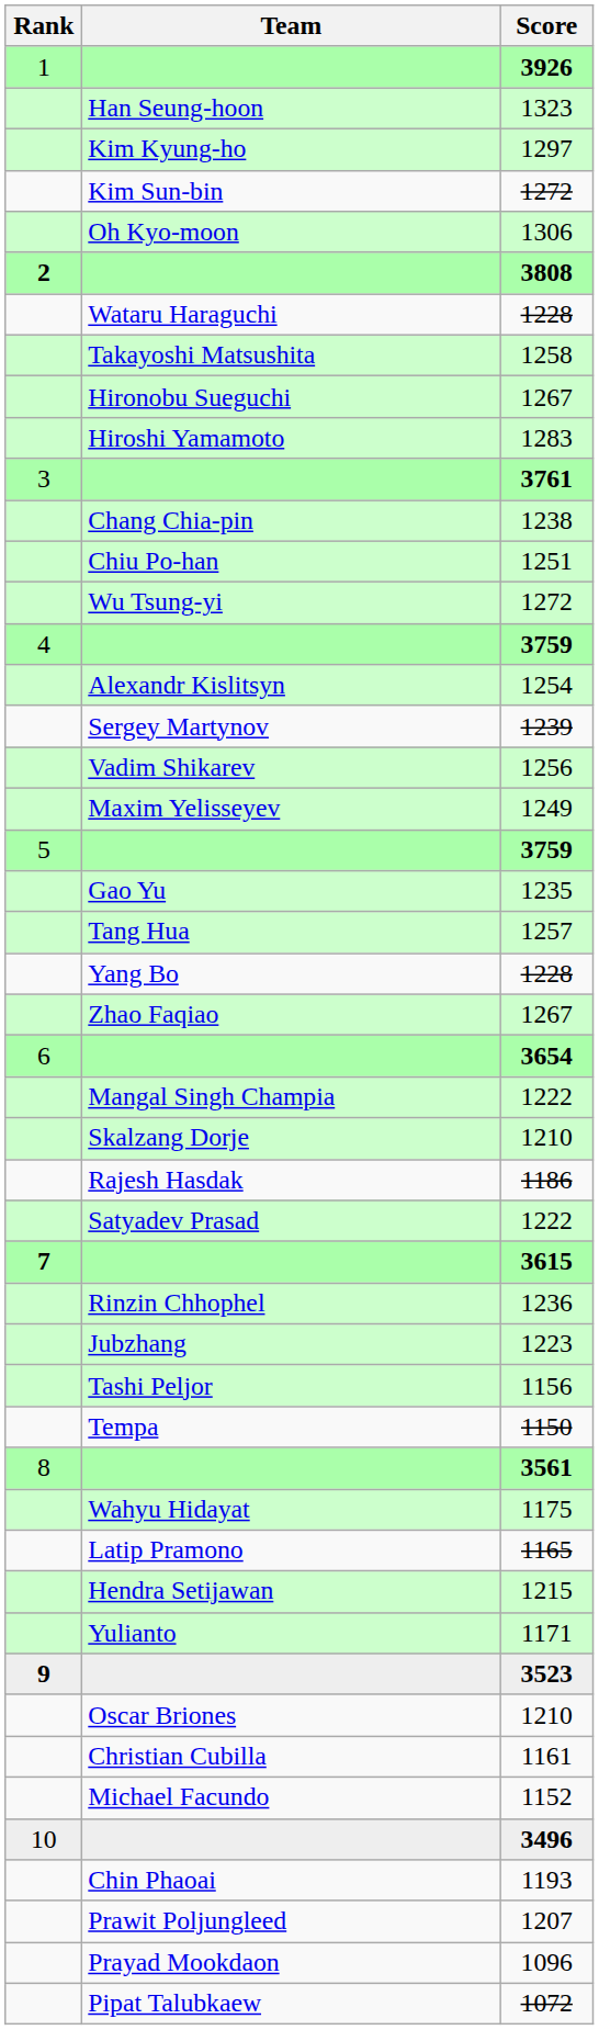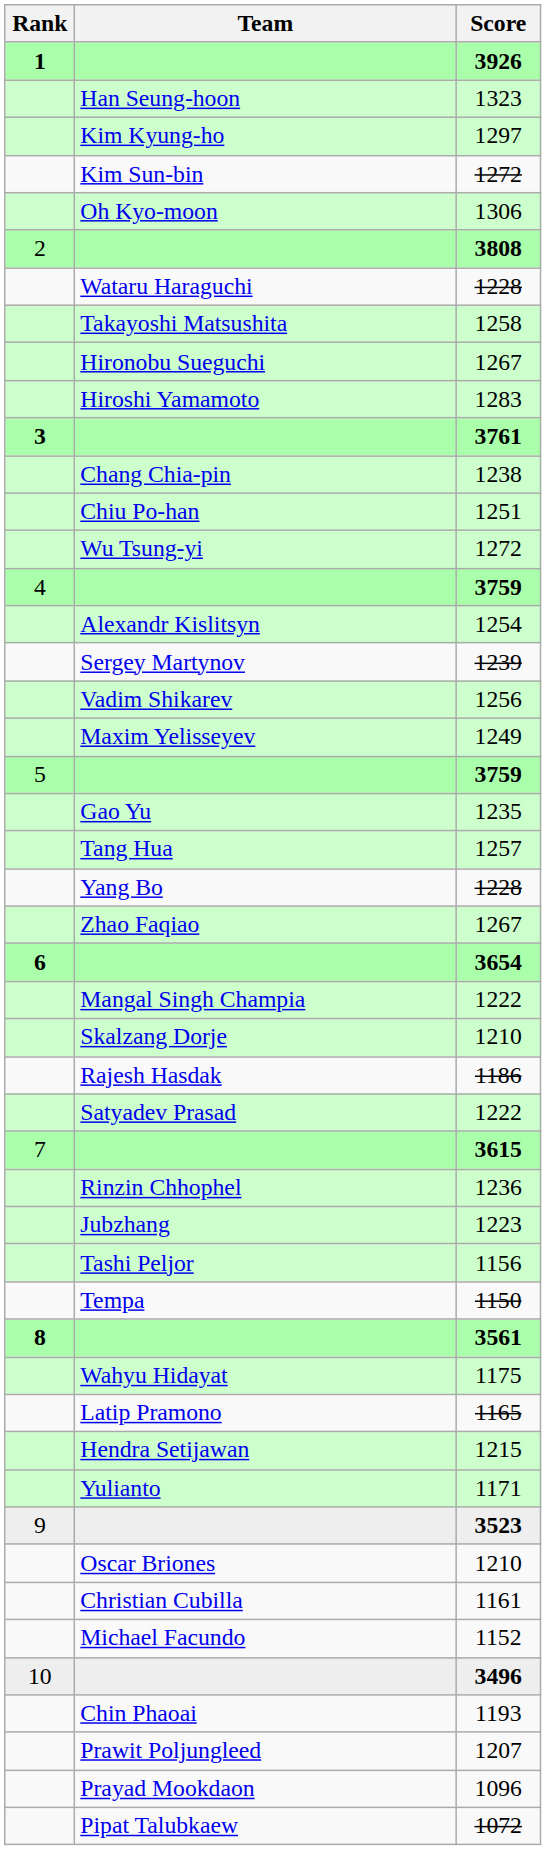 <table class="wikitable" style="text-align:center">
 <tr>
 <th width=40>Rank</th>
 <th width=250>Team</th>
 <th width=50>Score</th>
 </tr>
 <tr bgcolor="aaffaa">
-<td>1</td>
+<td><strong>1</strong></td>
 <td align=left></td>
 <td><strong>3926</strong></td>
 </tr>
 <tr bgcolor="ccffcc">
 <td></td>
 <td align=left><a href='#'>Han Seung-hoon</a></td>
 <td>1323</td>
 </tr>
 <tr bgcolor="ccffcc">
 <td></td>
 <td align=left><a href='#'>Kim Kyung-ho</a></td>
 <td>1297</td>
 </tr>
 <tr>
 <td></td>
 <td align=left><a href='#'>Kim Sun-bin</a></td>
 <td><s>1272</s></td>
 </tr>
 <tr bgcolor="ccffcc">
 <td></td>
 <td align=left><a href='#'>Oh Kyo-moon</a></td>
 <td>1306</td>
 </tr>
 <tr bgcolor="aaffaa">
-<td><strong>2</strong></td>
+<td>2</td>
 <td align=left></td>
 <td><strong>3808</strong></td>
 </tr>
 <tr>
 <td></td>
 <td align=left><a href='#'>Wataru Haraguchi</a></td>
 <td><s>1228</s></td>
 </tr>
 <tr bgcolor="ccffcc">
 <td></td>
 <td align=left><a href='#'>Takayoshi Matsushita</a></td>
 <td>1258</td>
 </tr>
 <tr bgcolor="ccffcc">
 <td></td>
 <td align=left><a href='#'>Hironobu Sueguchi</a></td>
 <td>1267</td>
 </tr>
 <tr bgcolor="ccffcc">
 <td></td>
 <td align=left><a href='#'>Hiroshi Yamamoto</a></td>
 <td>1283</td>
 </tr>
 <tr bgcolor="aaffaa">
-<td>3</td>
+<td><strong>3</strong></td>
 <td align=left></td>
 <td><strong>3761</strong></td>
 </tr>
 <tr bgcolor="ccffcc">
 <td></td>
 <td align=left><a href='#'>Chang Chia-pin</a></td>
 <td>1238</td>
 </tr>
 <tr bgcolor="ccffcc">
 <td></td>
 <td align=left><a href='#'>Chiu Po-han</a></td>
 <td>1251</td>
 </tr>
 <tr bgcolor="ccffcc">
 <td></td>
 <td align=left><a href='#'>Wu Tsung-yi</a></td>
 <td>1272</td>
 </tr>
 <tr bgcolor="aaffaa">
 <td>4</td>
 <td align=left></td>
 <td><strong>3759</strong></td>
 </tr>
 <tr bgcolor="ccffcc">
 <td></td>
 <td align=left><a href='#'>Alexandr Kislitsyn</a></td>
 <td>1254</td>
 </tr>
 <tr>
 <td></td>
 <td align=left><a href='#'>Sergey Martynov</a></td>
 <td><s>1239</s></td>
 </tr>
 <tr bgcolor="ccffcc">
 <td></td>
 <td align=left><a href='#'>Vadim Shikarev</a></td>
 <td>1256</td>
 </tr>
 <tr bgcolor="ccffcc">
 <td></td>
 <td align=left><a href='#'>Maxim Yelisseyev</a></td>
 <td>1249</td>
 </tr>
 <tr bgcolor="aaffaa">
 <td>5</td>
 <td align=left></td>
 <td><strong>3759</strong></td>
 </tr>
 <tr bgcolor="ccffcc">
 <td></td>
 <td align=left><a href='#'>Gao Yu</a></td>
 <td>1235</td>
 </tr>
 <tr bgcolor="ccffcc">
 <td></td>
 <td align=left><a href='#'>Tang Hua</a></td>
 <td>1257</td>
 </tr>
 <tr>
 <td></td>
 <td align=left><a href='#'>Yang Bo</a></td>
 <td><s>1228</s></td>
 </tr>
 <tr bgcolor="ccffcc">
 <td></td>
 <td align=left><a href='#'>Zhao Faqiao</a></td>
 <td>1267</td>
 </tr>
 <tr bgcolor="aaffaa">
-<td>6</td>
+<td><strong>6</strong></td>
 <td align=left></td>
 <td><strong>3654</strong></td>
 </tr>
 <tr bgcolor="ccffcc">
 <td></td>
 <td align=left><a href='#'>Mangal Singh Champia</a></td>
 <td>1222</td>
 </tr>
 <tr bgcolor="ccffcc">
 <td></td>
 <td align=left><a href='#'>Skalzang Dorje</a></td>
 <td>1210</td>
 </tr>
 <tr>
 <td></td>
 <td align=left><a href='#'>Rajesh Hasdak</a></td>
 <td><s>1186</s></td>
 </tr>
 <tr bgcolor="ccffcc">
 <td></td>
 <td align=left><a href='#'>Satyadev Prasad</a></td>
 <td>1222</td>
 </tr>
 <tr bgcolor="aaffaa">
-<td><strong>7</strong></td>
+<td>7</td>
 <td align=left></td>
 <td><strong>3615</strong></td>
 </tr>
 <tr bgcolor="ccffcc">
 <td></td>
 <td align=left><a href='#'>Rinzin Chhophel</a></td>
 <td>1236</td>
 </tr>
 <tr bgcolor="ccffcc">
 <td></td>
 <td align=left><a href='#'>Jubzhang</a></td>
 <td>1223</td>
 </tr>
 <tr bgcolor="ccffcc">
 <td></td>
 <td align=left><a href='#'>Tashi Peljor</a></td>
 <td>1156</td>
 </tr>
 <tr>
 <td></td>
 <td align=left><a href='#'>Tempa</a></td>
 <td><s>1150</s></td>
 </tr>
 <tr bgcolor="aaffaa">
-<td>8</td>
+<td><strong>8</strong></td>
 <td align=left></td>
 <td><strong>3561</strong></td>
 </tr>
 <tr bgcolor="ccffcc">
 <td></td>
 <td align=left><a href='#'>Wahyu Hidayat</a></td>
 <td>1175</td>
 </tr>
 <tr>
 <td></td>
 <td align=left><a href='#'>Latip Pramono</a></td>
 <td><s>1165</s></td>
 </tr>
 <tr bgcolor="ccffcc">
 <td></td>
 <td align=left><a href='#'>Hendra Setijawan</a></td>
 <td>1215</td>
 </tr>
 <tr bgcolor="ccffcc">
 <td></td>
 <td align=left><a href='#'>Yulianto</a></td>
 <td>1171</td>
 </tr>
 <tr bgcolor=eeeeee>
-<td><strong>9</strong></td>
+<td>9</td>
 <td align=left></td>
 <td><strong>3523</strong></td>
 </tr>
 <tr>
 <td></td>
 <td align=left><a href='#'>Oscar Briones</a></td>
 <td>1210</td>
 </tr>
 <tr>
 <td></td>
 <td align=left><a href='#'>Christian Cubilla</a></td>
 <td>1161</td>
 </tr>
 <tr>
 <td></td>
 <td align=left><a href='#'>Michael Facundo</a></td>
 <td>1152</td>
 </tr>
 <tr bgcolor=eeeeee>
 <td>10</td>
 <td align=left></td>
 <td><strong>3496</strong></td>
 </tr>
 <tr>
 <td></td>
 <td align=left><a href='#'>Chin Phaoai</a></td>
 <td>1193</td>
 </tr>
 <tr>
 <td></td>
 <td align=left><a href='#'>Prawit Poljungleed</a></td>
 <td>1207</td>
 </tr>
 <tr>
 <td></td>
 <td align=left><a href='#'>Prayad Mookdaon</a></td>
 <td>1096</td>
 </tr>
 <tr>
 <td></td>
 <td align=left><a href='#'>Pipat Talubkaew</a></td>
 <td><s>1072</s></td>
 </tr>
 </table>
